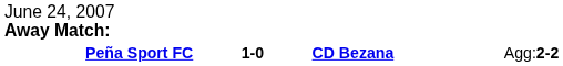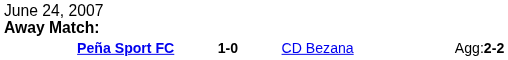 <table width=100% cellspacing=1>
 <tr>
 <th width=20%></th>
 <th width=12%></th>
 <th width=20%></th>
 <th></th>
 </tr>
 <tr>
 <td>June 24, 2007<br><strong>Away Match:</strong></td>
 </tr>
 <tr style=font-size:90%>
 <td align=right><strong><a href='#'>Peña Sport FC</a></strong></td>
 <td align=center><strong>1-0</strong></td>
-<td><strong><a href='#'>CD Bezana</a></strong></td>
+<td><a href='#'>CD Bezana</a></td>
 <td>Agg:<strong>2-2</strong></td>
 </tr>
 </table>
